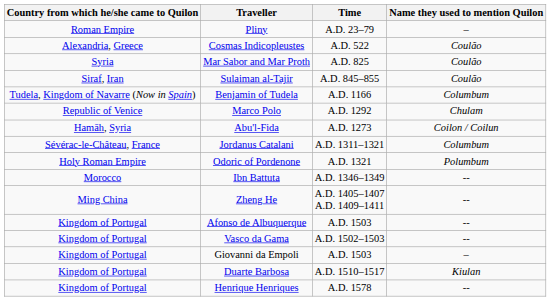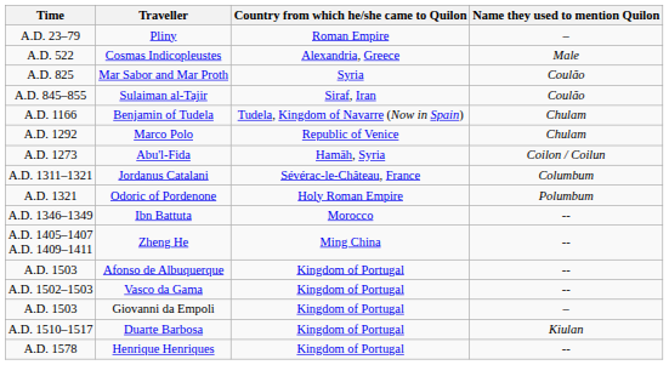 <table class="wikitable" plainrowheaders unsortable" style="text-align:center">
 <tr>
+<th style="width:20%%;" style="background:Aquamarine;">Time</th>
+<th style="width:20%%;" style="background:Aquamarine;">Traveller</th>
 <th style="width:20">Country from which he/she came to Quilon</th>
-<th style="width:20%%;" style="background:Aquamarine;">Traveller</th>
-<th style="width:20%%;" style="background:Aquamarine;">Time</th>
 <th style="width:20">Name they used to mention Quilon</th>
 </tr>
 <tr>
+<td>A.D. 23–79</td>
+<td><a href='#'>Pliny</a></td>
 <td><a href='#'>Roman Empire</a></td>
-<td><a href='#'>Pliny</a></td>
-<td>A.D. 23–79</td>
 <td>–</td>
 </tr>
 <tr>
+<td>A.D. 522</td>
+<td><a href='#'>Cosmas Indicopleustes</a></td>
 <td><a href='#'>Alexandria</a>, <a href='#'>Greece</a></td>
-<td><a href='#'>Cosmas Indicopleustes</a></td>
-<td>A.D. 522</td>
+<td><em>Male</em></td>
+</tr>
+<tr>
+<td>A.D. 825</td>
+<td><a href='#'>Mar Sabor and Mar Proth</a></td>
+<td><a href='#'>Syria</a></td>
 <td><em>Coulão</em></td>
 </tr>
 <tr>
-<td><a href='#'>Syria</a></td>
-<td><a href='#'>Mar Sabor and Mar Proth</a></td>
-<td>A.D. 825</td>
+<td>A.D. 845–855</td>
+<td><a href='#'>Sulaiman al-Tajir</a></td>
+<td><a href='#'>Siraf</a>, <a href='#'>Iran</a></td>
 <td><em>Coulão</em></td>
 </tr>
 <tr>
-<td><a href='#'>Siraf</a>, <a href='#'>Iran</a></td>
-<td><a href='#'>Sulaiman al-Tajir</a></td>
-<td>A.D. 845–855</td>
-<td><em>Coulão</em></td>
+<td>A.D. 1166</td>
+<td><a href='#'>Benjamin of Tudela</a></td>
+<td><a href='#'>Tudela</a>, <a href='#'>Kingdom of Navarre</a> (<em>Now in <a href='#'>Spain</a></em>)</td>
+<td><em>Chulam</em></td>
 </tr>
 <tr>
-<td><a href='#'>Tudela</a>, <a href='#'>Kingdom of Navarre</a> (<em>Now in <a href='#'>Spain</a></em>)</td>
-<td><a href='#'>Benjamin of Tudela</a></td>
-<td>A.D. 1166</td>
+<td>A.D. 1292</td>
+<td><a href='#'>Marco Polo</a></td>
+<td><a href='#'>Republic of Venice</a></td>
+<td><em>Chulam</em></td>
+</tr>
+<tr>
+<td>A.D. 1273</td>
+<td><a href='#'>Abu'l-Fida</a></td>
+<td><a href='#'>Hamāh</a>, <a href='#'>Syria</a></td>
+<td><em>Coilon / Coilun</em></td>
+</tr>
+<tr>
+<td>A.D. 1311–1321</td>
+<td><a href='#'>Jordanus Catalani</a></td>
+<td><a href='#'>Sévérac-le-Château</a>, <a href='#'>France</a></td>
 <td><em>Columbum</em></td>
 </tr>
 <tr>
-<td><a href='#'>Republic of Venice</a></td>
-<td><a href='#'>Marco Polo</a></td>
-<td>A.D. 1292</td>
-<td><em>Chulam</em></td>
-</tr>
-<tr>
-<td><a href='#'>Hamāh</a>, <a href='#'>Syria</a></td>
-<td><a href='#'>Abu'l-Fida</a></td>
-<td>A.D. 1273</td>
-<td><em>Coilon / Coilun</em></td>
-</tr>
-<tr>
-<td><a href='#'>Sévérac-le-Château</a>, <a href='#'>France</a></td>
-<td><a href='#'>Jordanus Catalani</a></td>
-<td>A.D. 1311–1321</td>
-<td><em>Columbum</em></td>
-</tr>
-<tr>
+<td>A.D. 1321</td>
+<td><a href='#'>Odoric of Pordenone</a></td>
 <td><a href='#'>Holy Roman Empire</a></td>
-<td><a href='#'>Odoric of Pordenone</a></td>
-<td>A.D. 1321</td>
 <td><em>Polumbum</em></td>
 </tr>
 <tr>
+<td>A.D. 1346–1349</td>
+<td><a href='#'>Ibn Battuta</a></td>
 <td><a href='#'>Morocco</a></td>
-<td><a href='#'>Ibn Battuta</a></td>
-<td>A.D. 1346–1349</td>
 <td>--</td>
 </tr>
 <tr>
+<td>A.D. 1405–1407 <br> A.D. 1409–1411</td>
+<td><a href='#'>Zheng He</a></td>
 <td><a href='#'>Ming China</a></td>
-<td><a href='#'>Zheng He</a></td>
-<td>A.D. 1405–1407 <br> A.D. 1409–1411</td>
 <td>--</td>
 </tr>
 <tr>
+<td>A.D. 1503</td>
+<td><a href='#'>Afonso de Albuquerque</a></td>
 <td><a href='#'>Kingdom of Portugal</a></td>
-<td><a href='#'>Afonso de Albuquerque</a></td>
-<td>A.D. 1503</td>
 <td>--</td>
 </tr>
 <tr>
+<td>A.D. 1502–1503</td>
+<td><a href='#'>Vasco da Gama</a></td>
 <td><a href='#'>Kingdom of Portugal</a></td>
-<td><a href='#'>Vasco da Gama</a></td>
-<td>A.D. 1502–1503</td>
 <td>--</td>
 </tr>
 <tr>
+<td>A.D. 1503</td>
+<td>Giovanni da Empoli</td>
 <td><a href='#'>Kingdom of Portugal</a></td>
-<td>Giovanni da Empoli</td>
-<td>A.D. 1503</td>
 <td>–</td>
 </tr>
 <tr>
+<td>A.D. 1510–1517</td>
+<td><a href='#'>Duarte Barbosa</a></td>
 <td><a href='#'>Kingdom of Portugal</a></td>
-<td><a href='#'>Duarte Barbosa</a></td>
-<td>A.D. 1510–1517</td>
 <td><em>Kiulan</em></td>
 </tr>
 <tr>
+<td>A.D. 1578</td>
+<td><a href='#'>Henrique Henriques</a></td>
 <td><a href='#'>Kingdom of Portugal</a></td>
-<td><a href='#'>Henrique Henriques</a></td>
-<td>A.D. 1578</td>
 <td>--</td>
 </tr>
 </table>
